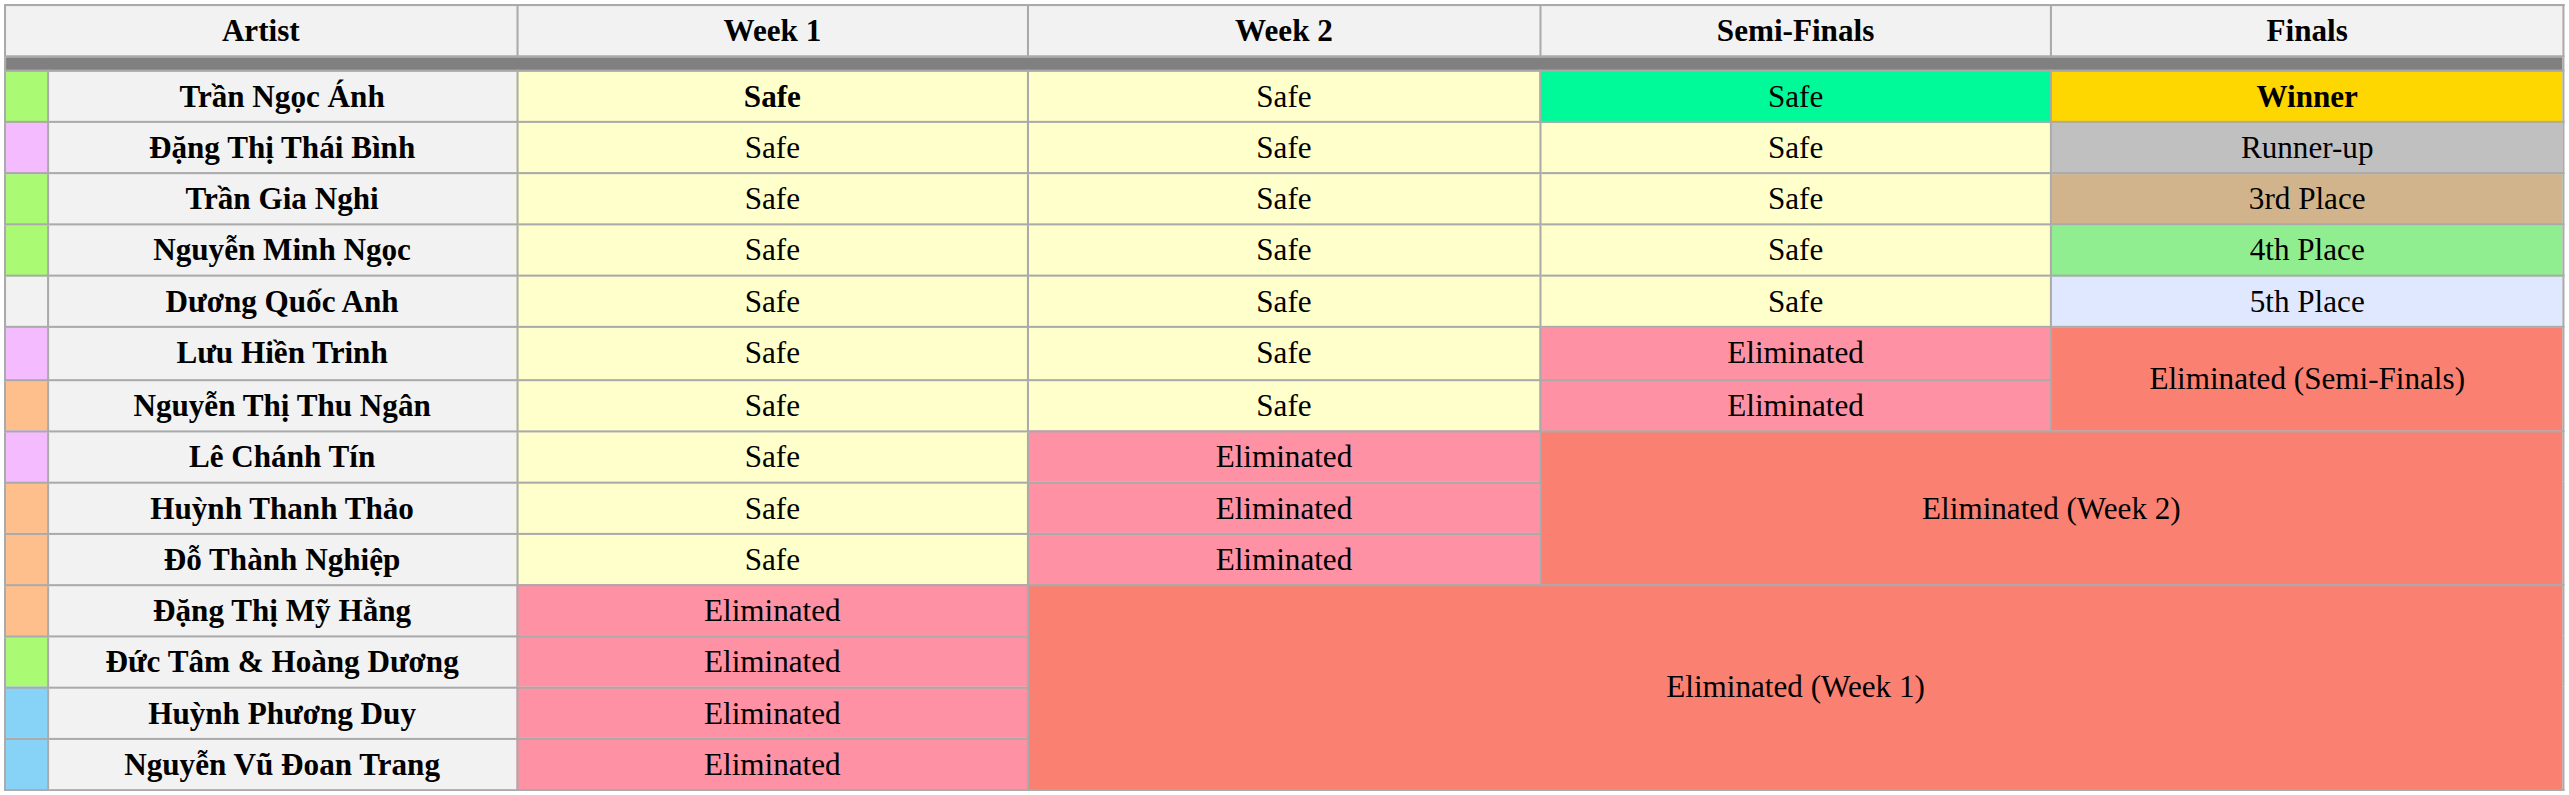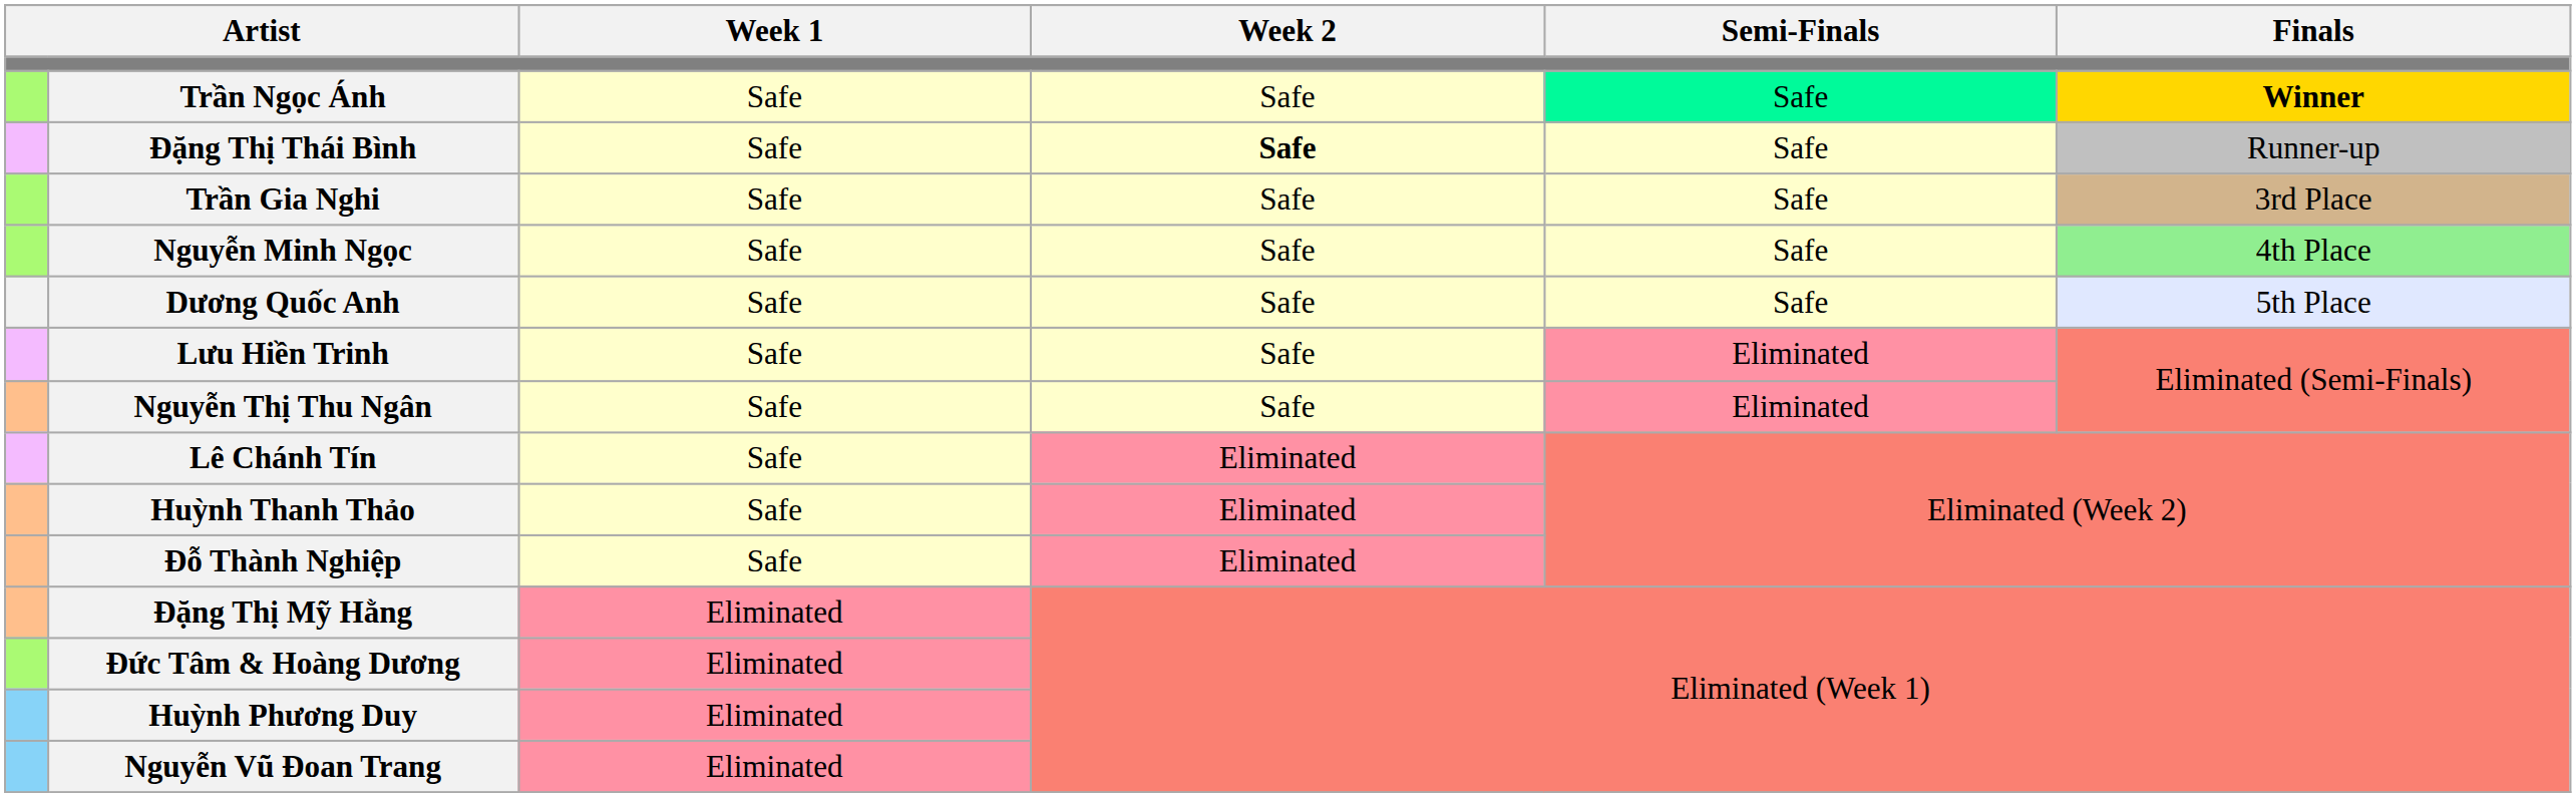 <table class="wikitable"  style="text-align:center; font-size:95%; width:auto;">
 <tr>
 </tr>
 <tr>
 <th style="width:12%;" colspan="2">Artist</th>
 <th style="width:12%;">Week 1</th>
 <th style="width:12%;">Week 2</th>
 <th style="width:12%;">Semi-Finals</th>
 <th style="width:12%;">Finals</th>
 </tr>
 <tr>
 <th colspan="6" style="background:gray;"></th>
 </tr>
 <tr>
 <th style="background:#aafa73;"></th>
 <th>Trần Ngọc Ánh</th>
-<td style="background:#FFFFCC;"><strong>Safe</strong></td>
+<td style="background:#FFFFCC;">Safe</td>
 <td style="background:#FFFFCC;">Safe</td>
 <td style="background:#00FA9A;">Safe</td>
 <td style="background:gold;"><strong>Winner</strong></td>
 </tr>
 <tr>
 <th style="background:#f4bbff;"></th>
 <th>Đặng Thị Thái Bình</th>
 <td style="background:#FFFFCC;">Safe</td>
-<td style="background:#FFFFCC;">Safe</td>
+<td style="background:#FFFFCC;"><strong>Safe</strong></td>
 <td style="background:#FFFFCC;">Safe</td>
 <td style="background:silver;">Runner-up</td>
 </tr>
 <tr>
 <th style="background:#aafa73;"></th>
 <th>Trần Gia Nghi</th>
 <td style="background:#FFFFCC;">Safe</td>
 <td style="background:#FFFFCC;">Safe</td>
 <td style="background:#FFFFCC;">Safe</td>
 <td style="background:tan;">3rd Place</td>
 </tr>
 <tr>
 <th style="background:#aafa73;"></th>
 <th>Nguyễn Minh Ngọc</th>
 <td style="background:#FFFFCC;">Safe</td>
 <td style="background:#FFFFCC;">Safe</td>
 <td style="background:#FFFFCC;">Safe</td>
 <td style="background:lightgreen;">4th Place</td>
 </tr>
 <tr>
 <th style="width:1%;" style="background:#87D3F8;"></th>
 <th style="width:11%;">Dương Quốc Anh</th>
 <td style="background:#FFFFCC;">Safe</td>
 <td style="background:#FFFFCC;">Safe</td>
 <td style="background:#FFFFCC;">Safe</td>
 <td style="background:#E0E8FF;">5th Place</td>
 </tr>
 <tr>
 <th style="background:#f4bbff;"></th>
 <th>Lưu Hiền Trinh</th>
 <td style="background:#FFFFCC;">Safe</td>
 <td style="background:#FFFFCC;">Safe</td>
 <td style="background:#FF91A4;">Eliminated</td>
 <td rowspan="2" colspan="3" style="background:salmon;">Eliminated (Semi-Finals)</td>
 </tr>
 <tr>
 <th style="background:#ffbf8c;"></th>
 <th>Nguyễn Thị Thu Ngân</th>
 <td style="background:#FFFFCC;">Safe</td>
 <td style="background:#FFFFCC;">Safe</td>
 <td style="background:#FF91A4;">Eliminated</td>
 </tr>
 <tr>
 <th style="background:#f4bbff;"></th>
 <th>Lê Chánh Tín</th>
 <td style="background:#FFFFCC;">Safe</td>
 <td style="background:#FF91A4;">Eliminated</td>
 <td rowspan="3" colspan="4" style="background:salmon;">Eliminated (Week 2)</td>
 </tr>
 <tr>
 <th style="background:#ffbf8c;"></th>
 <th>Huỳnh Thanh Thảo</th>
 <td style="background:#FFFFCC;">Safe</td>
 <td style="background:#FF91A4;">Eliminated</td>
 </tr>
 <tr>
 <th style="background:#ffbf8c;"></th>
 <th>Đỗ Thành Nghiệp</th>
 <td style="background:#FFFFCC;">Safe</td>
 <td style="background:#FF91A4;">Eliminated</td>
 </tr>
 <tr>
 <th style="background:#ffbf8c"></th>
 <th>Đặng Thị Mỹ Hằng</th>
 <td style="background:#FF91A4;">Eliminated</td>
 <td rowspan="4" colspan="5" style="background:salmon;">Eliminated (Week 1)</td>
 </tr>
 <tr>
 <th style="background:#aafa73;"></th>
 <th>Đức Tâm & Hoàng Dương</th>
 <td style="background:#FF91A4;">Eliminated</td>
 </tr>
 <tr>
 <th style="background:#87D3F8;"></th>
 <th>Huỳnh Phương Duy</th>
 <td style="background:#FF91A4;">Eliminated</td>
 </tr>
 <tr>
 <th style="background:#87D3F8;"></th>
 <th>Nguyễn Vũ Đoan Trang</th>
 <td style="background:#FF91A4;">Eliminated</td>
 </tr>
 </table>
